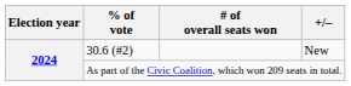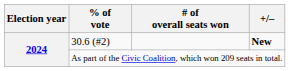 <table class=wikitable>
 <tr>
 <th>Election year</th>
 <th>% of<br>vote</th>
 <th># of<br>overall seats won</th>
 <th>+/–</th>
 </tr>
 <tr>
 <th rowspan="2"><a href='#'>2024</a></th>
 <td>30.6 (#2)</td>
 <td></td>
-<td>New</td>
+<td><strong>New</strong></td>
 </tr>
 <tr>
 <td colspan="3"><small>As part of the <a href='#'>Civic Coalition</a>, which won 209 seats in total.</small></td>
 </tr>
 </table>
